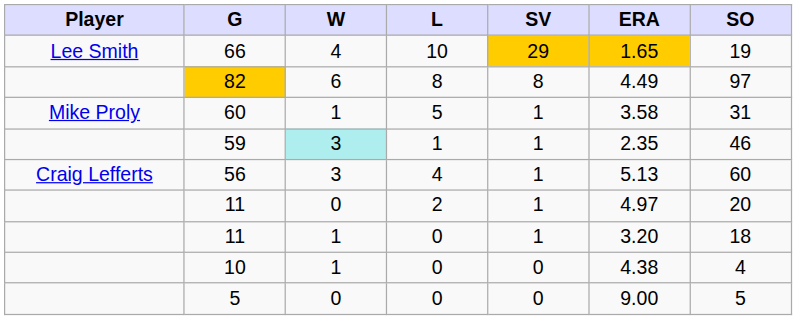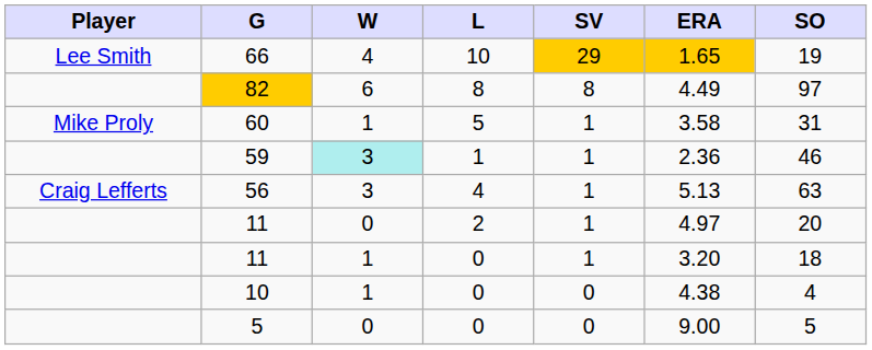 <table class="wikitable sortable">
 <tr>
 <th style="background:#ddf; width:16%;">Player</th>
 <th style="background:#ddf; width:9%;">G</th>
 <th style="background:#ddf; width:9%;">W</th>
 <th style="background:#ddf; width:9%;">L</th>
 <th style="background:#ddf; width:9%;">SV</th>
 <th style="background:#ddf; width:9%;">ERA</th>
 <th style="background:#ddf; width:9%;">SO</th>
 </tr>
 <tr style="text-align:center;">
 <td><a href='#'>Lee Smith</a></td>
 <td>66</td>
 <td>4</td>
 <td>10</td>
 <td style="background:#fc0;">29</td>
 <td style="background:#fc0;">1.65</td>
 <td>19</td>
 </tr>
 <tr align=center>
 <td></td>
 <td style="background:#fc0;">82</td>
 <td>6</td>
 <td>8</td>
 <td>8</td>
 <td>4.49</td>
 <td>97</td>
 </tr>
 <tr style="text-align:center;">
 <td><a href='#'>Mike Proly</a></td>
 <td>60</td>
 <td>1</td>
 <td>5</td>
 <td>1</td>
 <td>3.58</td>
 <td>31</td>
 </tr>
 <tr align=center>
 <td></td>
 <td>59</td>
 <td style="background: paleturquoise;">3</td>
 <td>1</td>
 <td>1</td>
-<td>2.35</td>
+<td>2.36</td>
 <td>46</td>
 </tr>
 <tr style="text-align:center;">
 <td><a href='#'>Craig Lefferts</a></td>
 <td>56</td>
 <td>3</td>
 <td>4</td>
 <td>1</td>
 <td>5.13</td>
-<td>60</td>
+<td>63</td>
 </tr>
 <tr align=center>
 <td></td>
 <td>11</td>
 <td>0</td>
 <td>2</td>
 <td>1</td>
 <td>4.97</td>
 <td>20</td>
 </tr>
 <tr style="text-align:center;">
 <td></td>
 <td>11</td>
 <td>1</td>
 <td>0</td>
 <td>1</td>
 <td>3.20</td>
 <td>18</td>
 </tr>
 <tr style="text-align:center;">
 <td></td>
 <td>10</td>
 <td>1</td>
 <td>0</td>
 <td>0</td>
 <td>4.38</td>
 <td>4</td>
 </tr>
 <tr style="text-align:center;">
 <td></td>
 <td>5</td>
 <td>0</td>
 <td>0</td>
 <td>0</td>
 <td>9.00</td>
 <td>5</td>
 </tr>
 </table>
